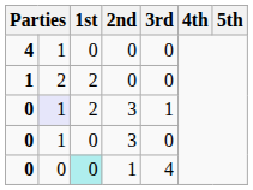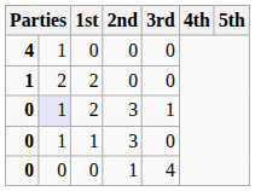 <table class="wikitable" style="text-align:right;">
 <tr>
 <th colspan=2 style="text-align:left;">Parties</th>
 <th>1st</th>
 <th>2nd</th>
 <th>3rd</th>
 <th>4th</th>
 <th>5th</th>
 </tr>
 <tr>
 <td><strong>4</strong></td>
 <td>1</td>
 <td>0</td>
 <td>0</td>
 <td>0</td>
 </tr>
 <tr>
 <td><strong>1</strong></td>
 <td>2</td>
 <td>2</td>
 <td>0</td>
 <td>0</td>
 </tr>
 <tr>
 <td><strong>0</strong></td>
 <td style="background: lavender;">1</td>
 <td>2</td>
 <td>3</td>
 <td>1</td>
 </tr>
 <tr>
 <td><strong>0</strong></td>
 <td>1</td>
-<td>0</td>
+<td>1</td>
 <td>3</td>
 <td>0</td>
 </tr>
 <tr>
 <td><strong>0</strong></td>
 <td>0</td>
-<td style="background: paleturquoise;">0</td>
+<td>0</td>
 <td>1</td>
 <td>4</td>
 </tr>
 </table>
